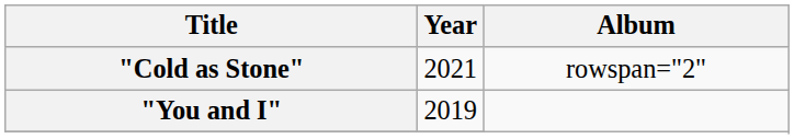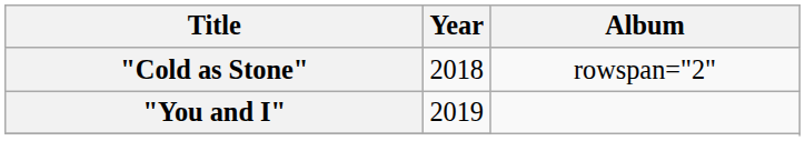 <table class="wikitable plainrowheaders" style="text-align:center;">
 <tr>
 <th scope="col" style="width:15em;">Title</th>
 <th scope="col">Year</th>
 <th scope="col" style="width:11em;">Album</th>
 </tr>
 <tr>
 <th scope="row">"Cold as Stone"<br></th>
-<td>2021</td>
+<td>2018</td>
 <td>rowspan="2" </td>
 </tr>
 <tr>
 <th scope="row">"You and I"<br></th>
 <td>2019</td>
 </tr>
 <tr>
 </tr>
 </table>
